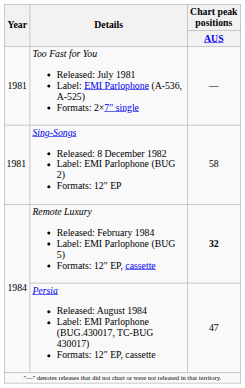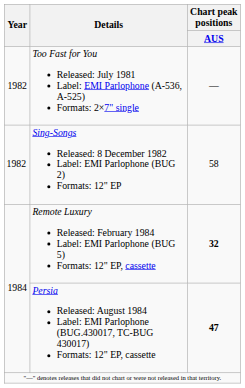 <table class="wikitable">
 <tr>
 <th rowspan="2" style="width:35px;">Year</th>
 <th style="width:250px;" rowspan="2">Details</th>
 <th style="width:80px;">Chart peak positions</th>
 </tr>
 <tr>
 <th style="width:30px;"><a href='#'>AUS</a><br></th>
 </tr>
 <tr>
-<td style="text-align:center;">1981</td>
+<td style="text-align:center;">1982</td>
 <td><em>Too Fast for You</em><br><ul><li>Released: July 1981</li><li>Label: <a href='#'>EMI Parlophone</a> (A-536, A-525)</li><li>Formats: 2×<a href='#'>7" single</a></li></ul></td>
 <td style="text-align:center;">—</td>
 </tr>
 <tr>
-<td>1981</td>
+<td>1982</td>
 <td><em><a href='#'>Sing-Songs</a></em><br><ul><li>Released: 8 December 1982</li><li>Label: EMI Parlophone (BUG 2)</li><li>Formats: 12" EP</li></ul></td>
 <td style="text-align:center;">58</td>
 </tr>
 <tr>
 <td style="text-align:center;" rowspan="2">1984</td>
 <td><em>Remote Luxury</em><br><ul><li>Released: February 1984</li><li>Label: EMI Parlophone (BUG 5)</li><li>Formats: 12" EP, <a href='#'>cassette</a></li></ul></td>
 <td style="text-align:center;"><strong>32</strong></td>
 </tr>
 <tr>
 <td><em><a href='#'>Persia</a></em><br><ul><li>Released: August 1984</li><li>Label: EMI Parlophone (BUG.430017, TC-BUG 430017)</li><li>Formats: 12" EP, cassette</li></ul></td>
-<td style="text-align:center;">47</td>
+<td style="text-align:center;"><strong>47</strong></td>
 </tr>
 <tr>
 <td colspan="4" style="text-align:center; font-size:8pt;">"—" denotes releases that did not chart or were not released in that territory.</td>
 </tr>
 </table>
